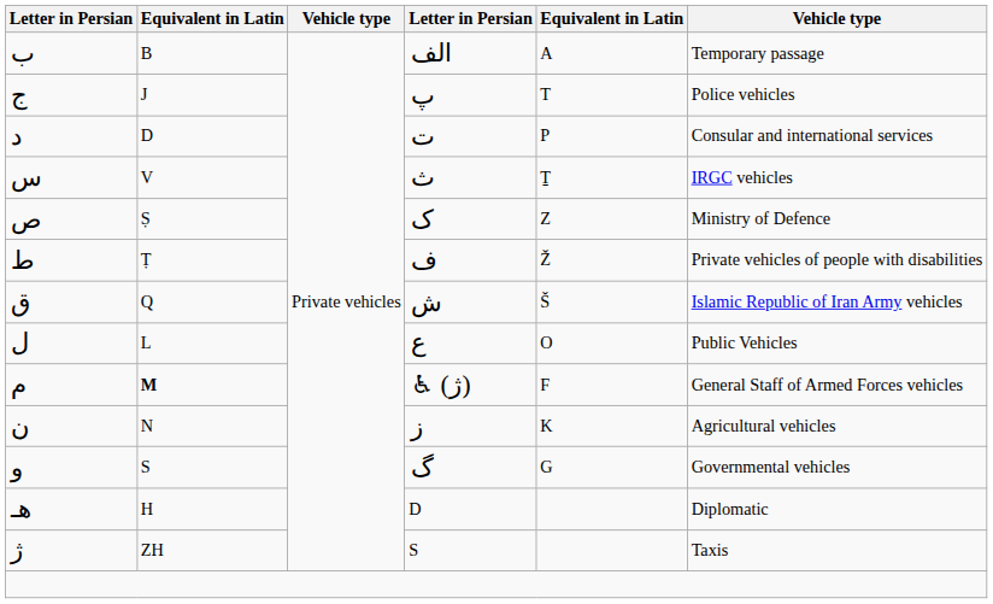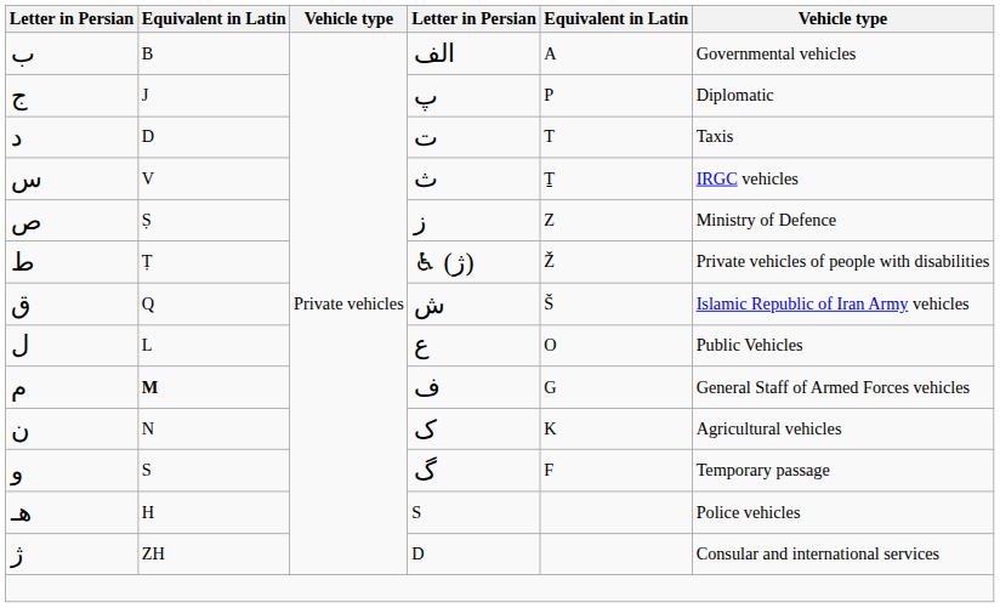 <table class="wikitable">
 <tr>
 <th>Letter in Persian</th>
 <th>Equivalent in Latin</th>
 <th>Vehicle type</th>
 <th>Letter in Persian</th>
 <th>Equivalent in Latin</th>
 <th>Vehicle type</th>
 </tr>
 <tr>
 <td style="font-size:150%">ب</td>
 <td>B</td>
 <td rowspan="13">Private vehicles</td>
 <td style="font-size:150%">الف</td>
 <td>A</td>
-<td>Temporary passage</td>
+<td>Governmental vehicles</td>
 </tr>
 <tr>
 <td style="font-size:150%">ج</td>
 <td>J</td>
 <td style="font-size:150%">پ</td>
-<td>T</td>
-<td>Police vehicles</td>
+<td>P</td>
+<td>Diplomatic</td>
 </tr>
 <tr>
 <td style="font-size:150%">د</td>
 <td>D</td>
 <td style="font-size:150%">ت</td>
-<td>P</td>
-<td>Consular and international services</td>
+<td>T</td>
+<td>Taxis</td>
 </tr>
 <tr>
 <td style="font-size:150%">س</td>
 <td>V</td>
 <td style="font-size:150%">ث</td>
 <td>Ṯ</td>
 <td><a href='#'>IRGC</a> vehicles</td>
 </tr>
 <tr>
 <td style="font-size:150%">ص</td>
 <td>Ṣ</td>
-<td style="font-size:150%">ک</td>
+<td style="font-size:150%">ز</td>
 <td>Z</td>
 <td>Ministry of Defence</td>
 </tr>
 <tr>
 <td style="font-size:150%">ط</td>
 <td>Ṭ</td>
-<td style="font-size:150%">ف</td>
+<td style="font-size:150%">♿︎ (ژ)</td>
 <td>Ž</td>
 <td>Private vehicles of people with disabilities</td>
 </tr>
 <tr>
 <td style="font-size:150%">ق</td>
 <td>Q</td>
 <td style="font-size:150%">ش</td>
 <td>Š</td>
 <td>‌<a href='#'>Islamic Republic of Iran Army</a> vehicles</td>
 </tr>
 <tr>
 <td style="font-size:150%">ل</td>
 <td>L</td>
 <td style="font-size:150%">ع</td>
 <td>O</td>
 <td>Public Vehicles</td>
 </tr>
 <tr>
 <td style="font-size:150%">م</td>
 <td><strong>M</strong></td>
-<td style="font-size:150%">♿︎ (ژ)</td>
-<td>F</td>
+<td style="font-size:150%">ف</td>
+<td>G</td>
 <td>General Staff of Armed Forces vehicles</td>
 </tr>
 <tr>
 <td style="font-size:150%">ن</td>
 <td>N</td>
-<td style="font-size:150%">ز</td>
+<td style="font-size:150%">ک</td>
 <td>K</td>
 <td>Agricultural vehicles</td>
 </tr>
 <tr>
 <td style="font-size:150%">و</td>
 <td>S</td>
 <td style="font-size:150%">گ</td>
-<td>G</td>
-<td>Governmental vehicles</td>
+<td>F</td>
+<td>Temporary passage</td>
 </tr>
 <tr>
 <td style="font-size:150%">هـ</td>
 <td>H</td>
-<td>D</td>
+<td>S</td>
 <td></td>
-<td>Diplomatic</td>
+<td>Police vehicles</td>
 </tr>
 <tr>
 <td style="font-size:150%">ژ‍‍</td>
 <td>ZH</td>
-<td>S</td>
+<td>D</td>
 <td></td>
-<td>Taxis</td>
+<td>Consular and international services</td>
 </tr>
 <tr>
 <td colspan="6"><br></td>
 </tr>
 </table>
